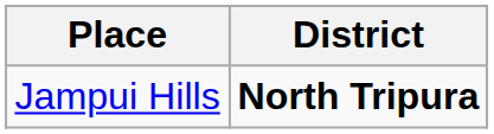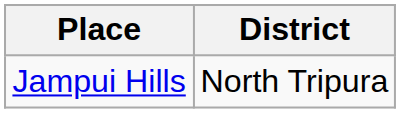 <table class="wikitable">
 <tr>
 <th>Place</th>
 <th>District</th>
 </tr>
 <tr>
 <td><a href='#'>Jampui Hills</a></td>
-<td><strong>North Tripura</strong></td>
+<td>North Tripura</td>
 </tr>
 </table>
